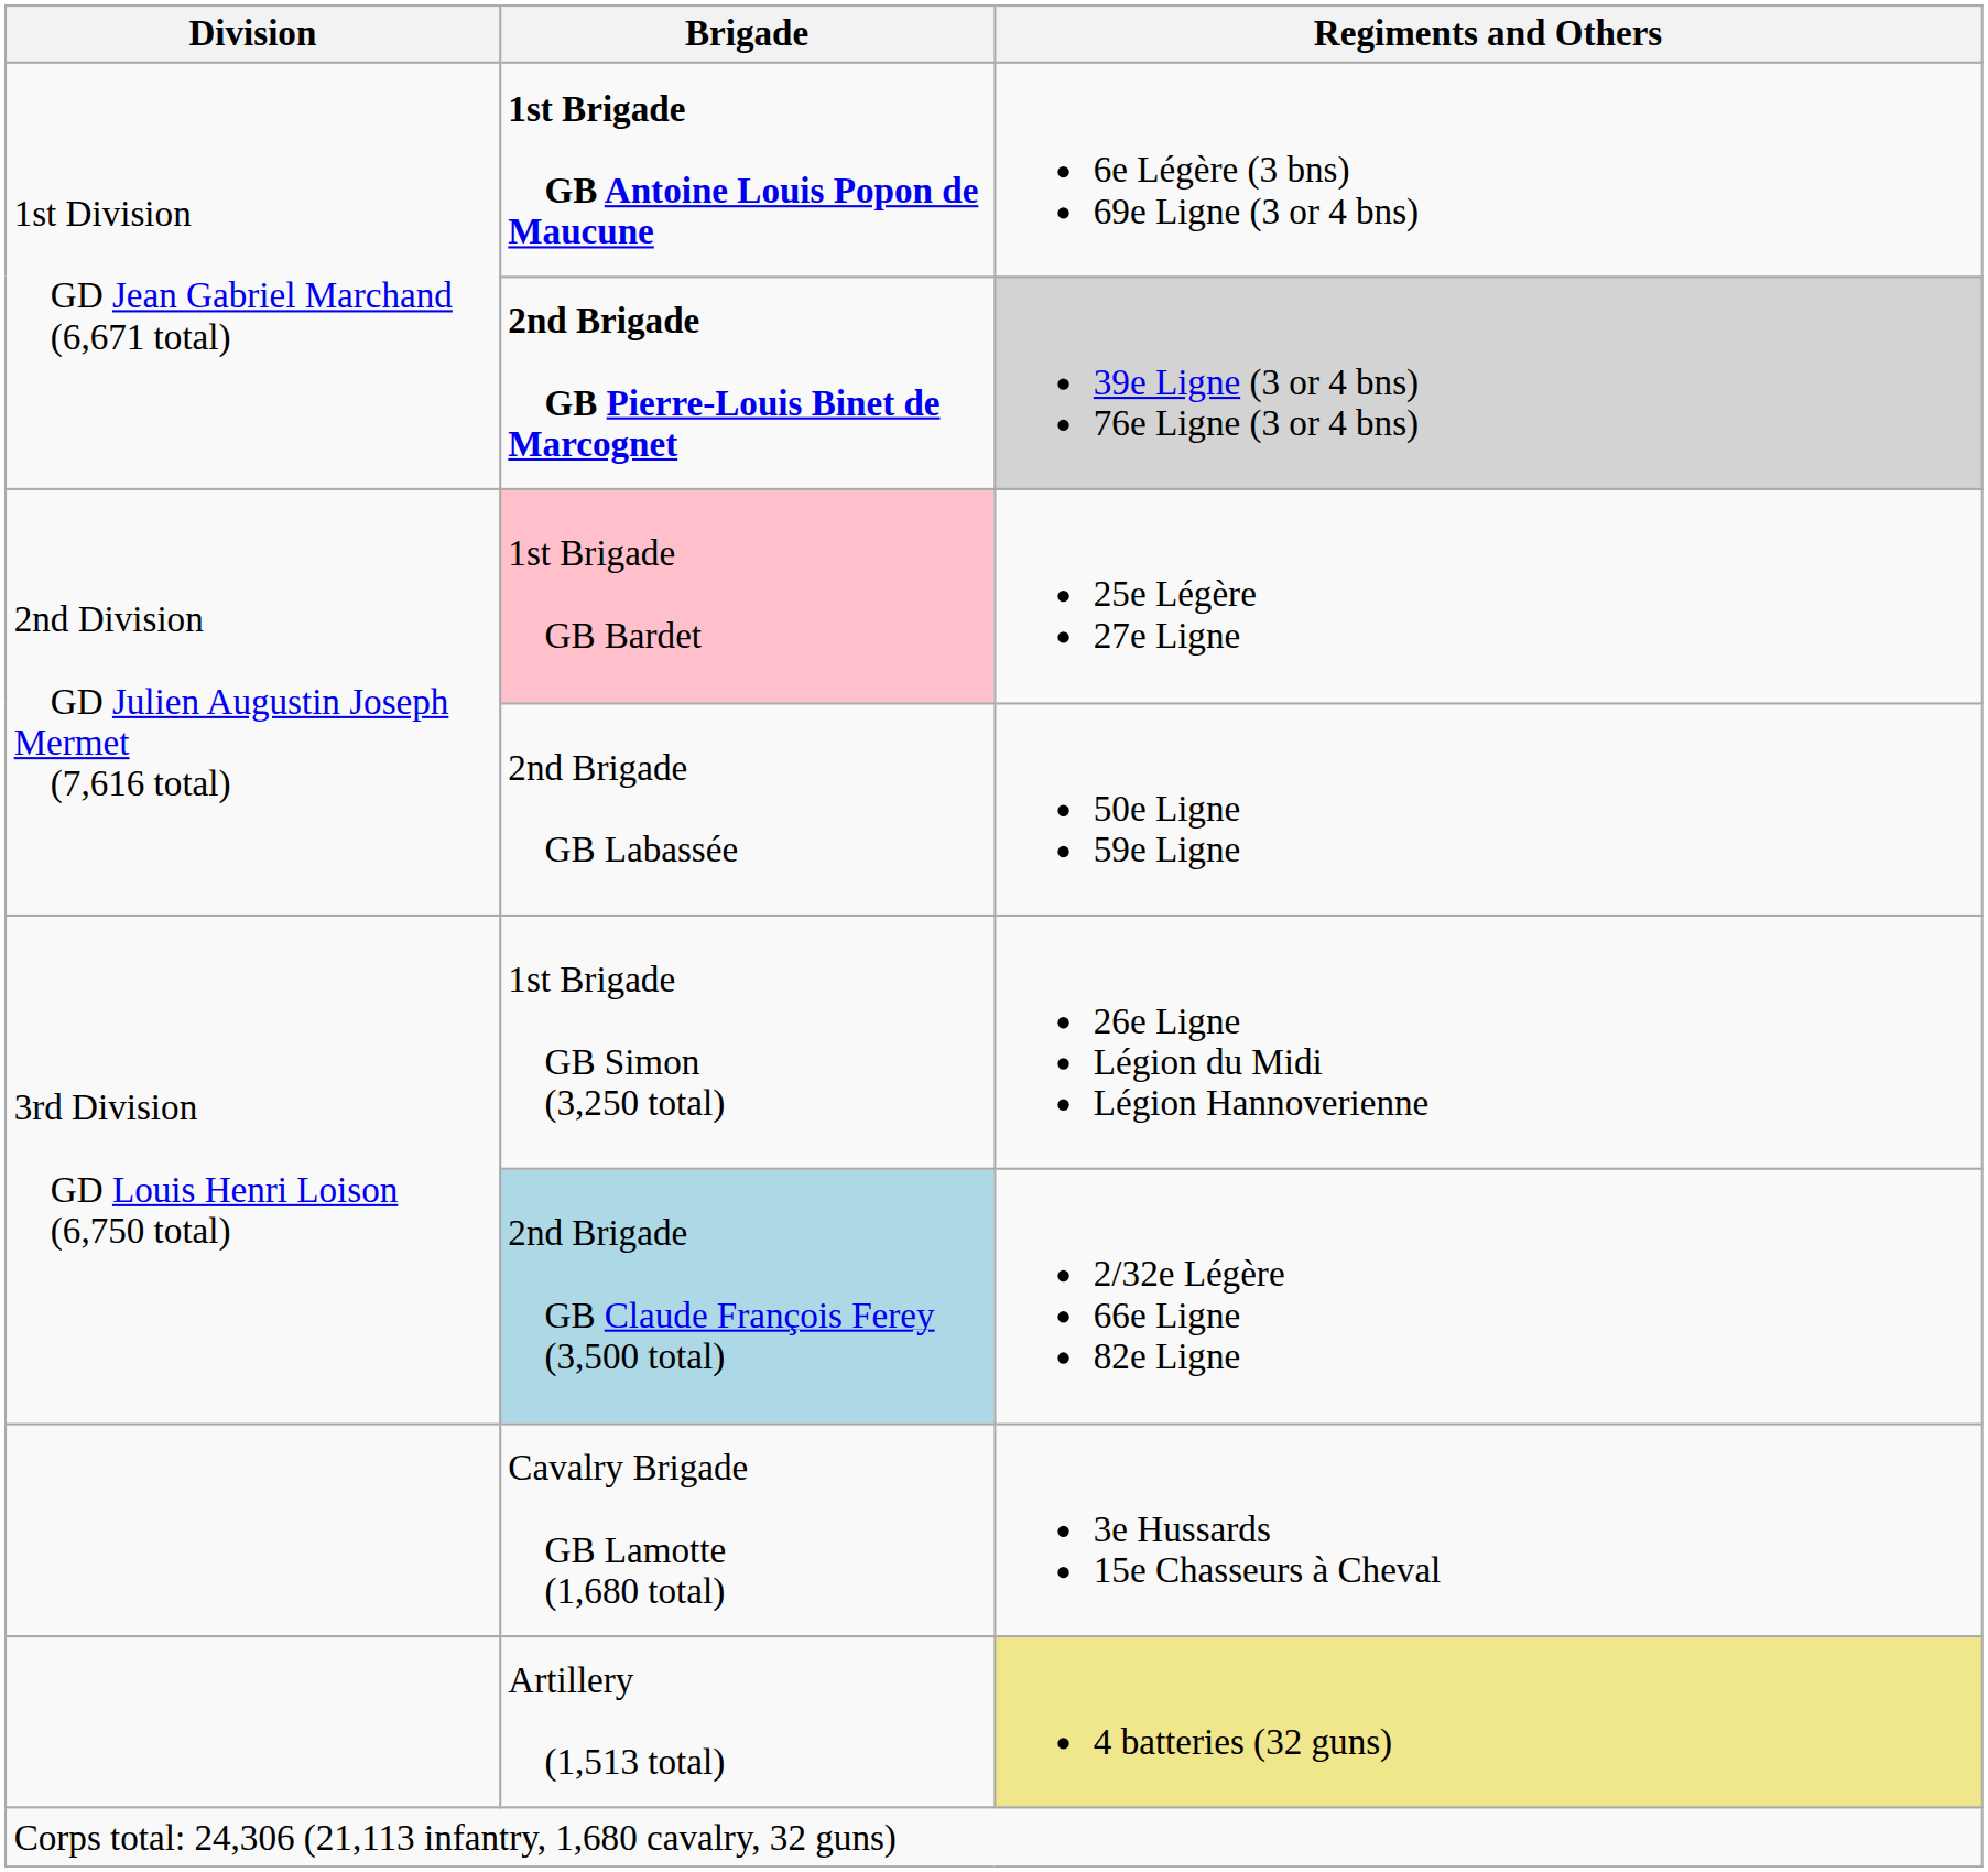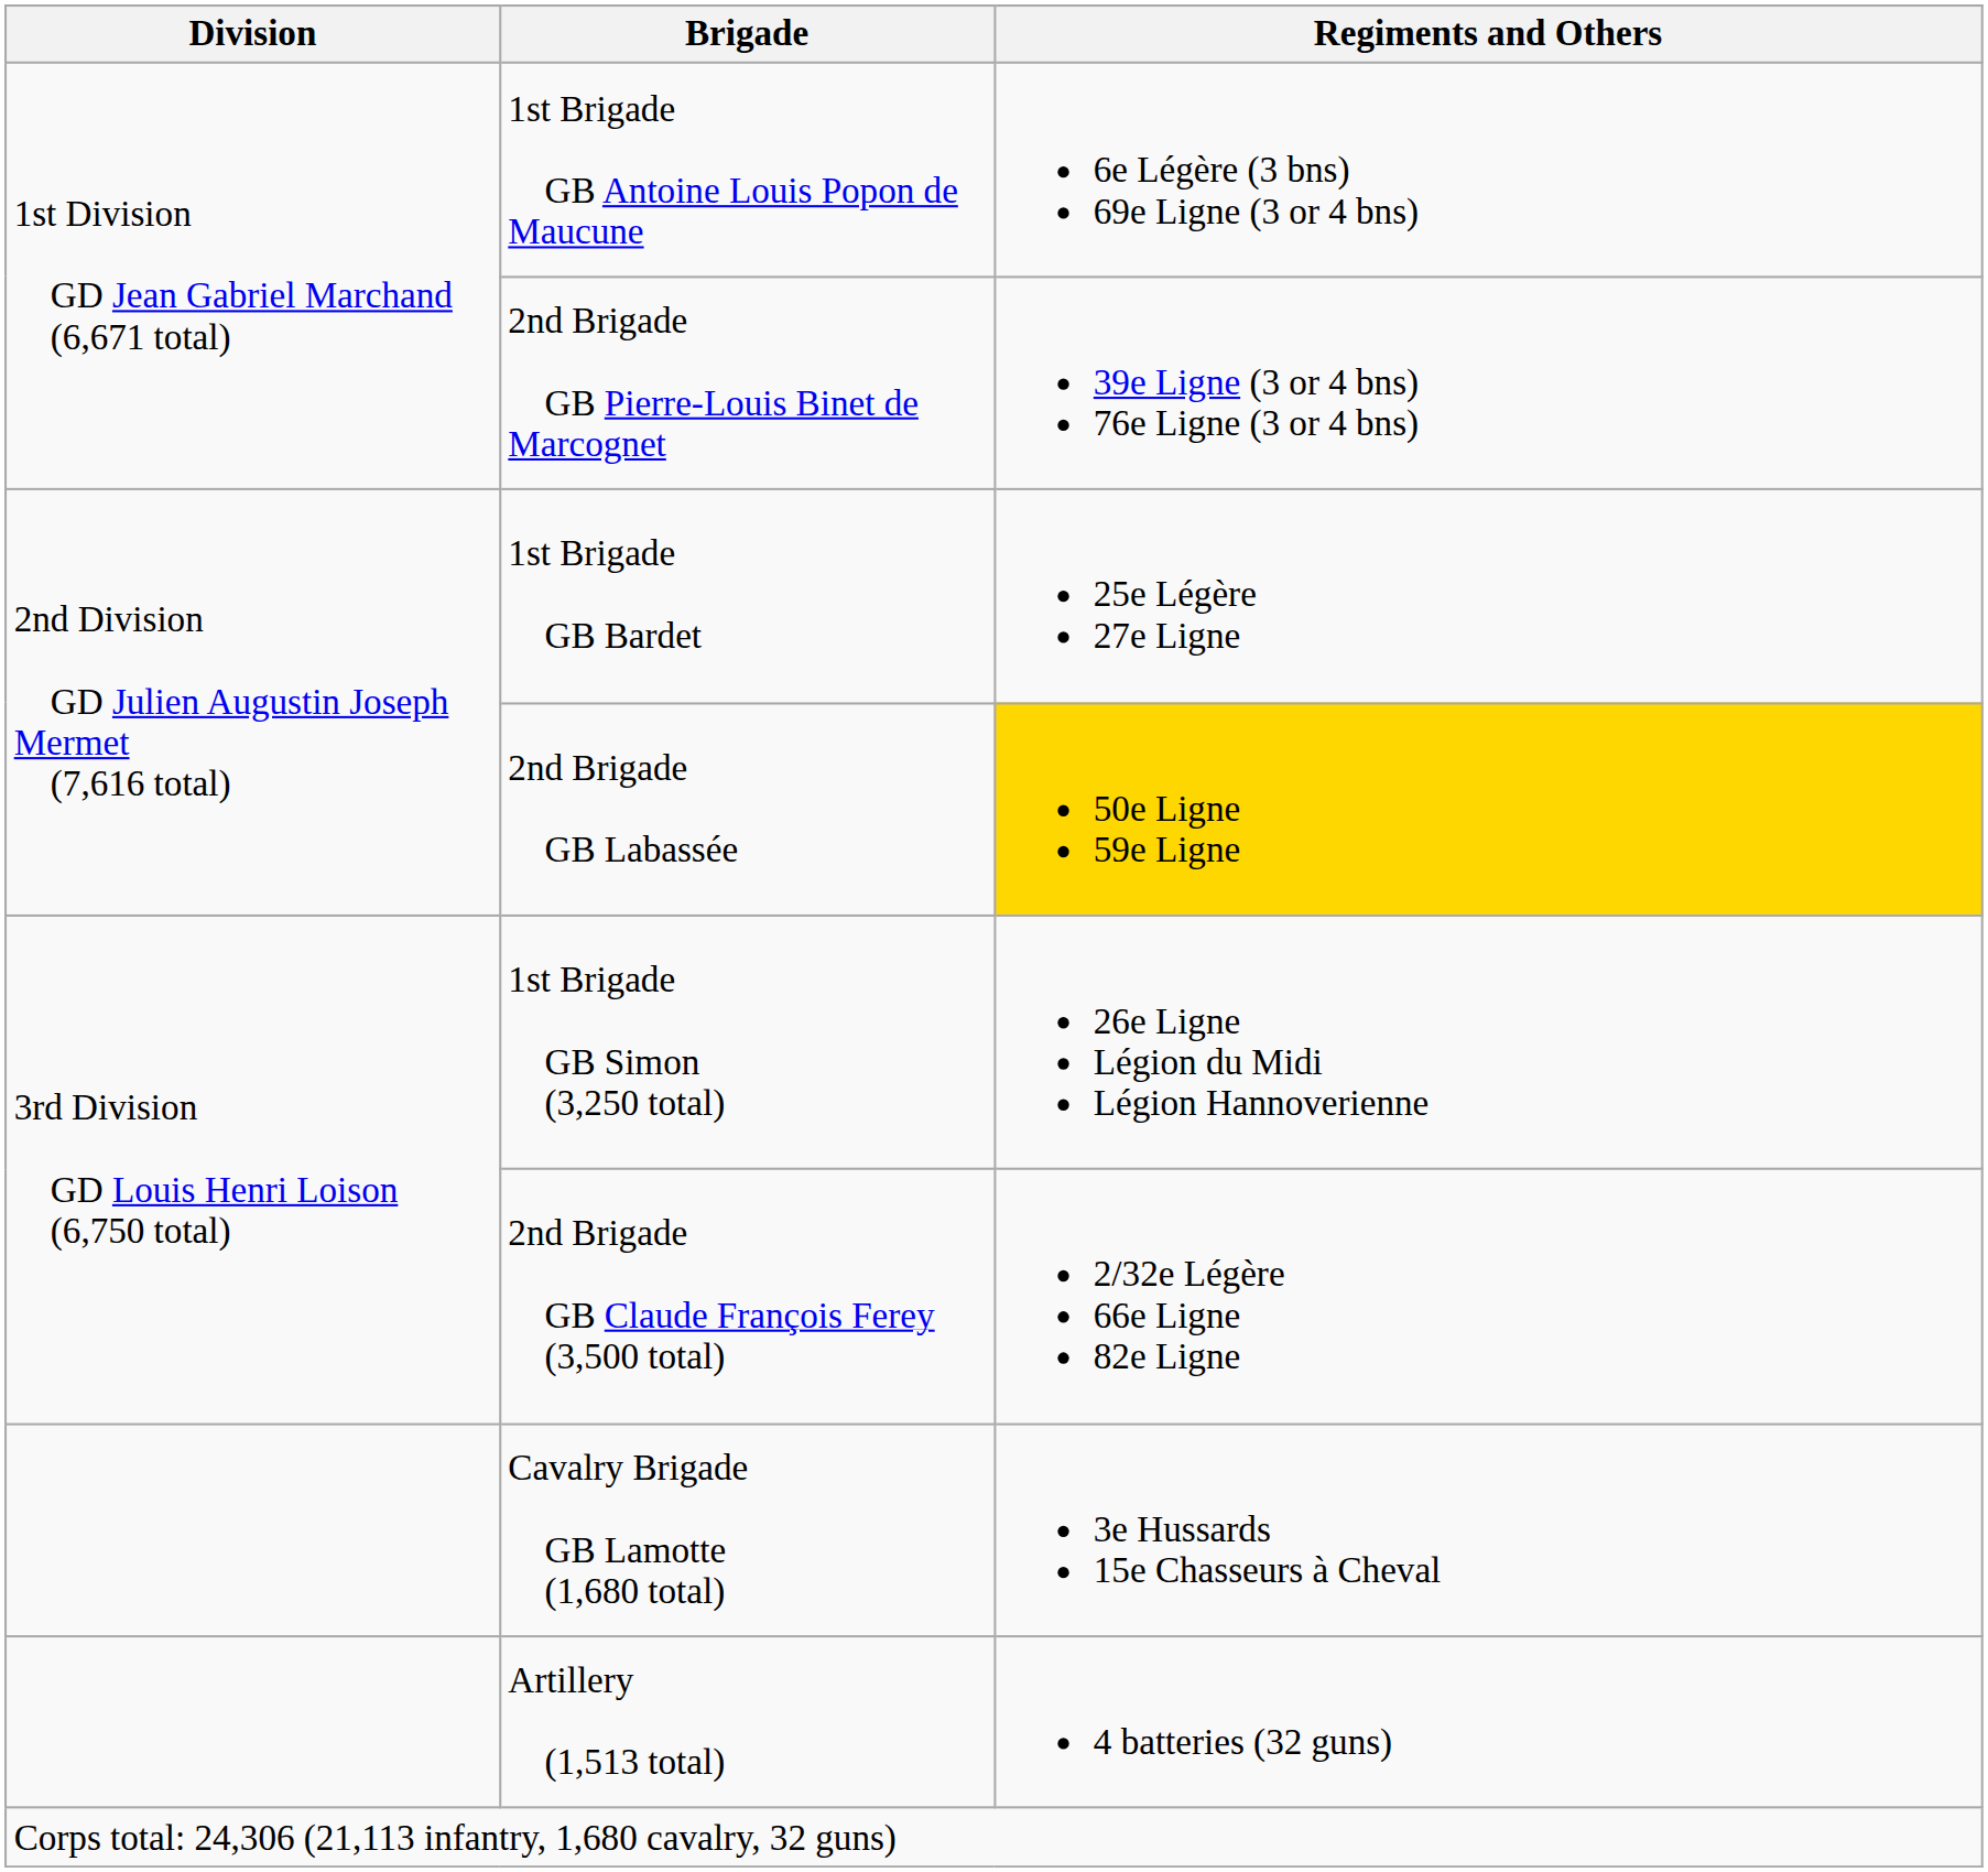 <table class="wikitable">
 <tr>
 <th style="width:25%;">Division</th>
 <th style="width:25%;">Brigade</th>
 <th>Regiments and Others</th>
 </tr>
 <tr>
 <td rowspan=2>1st Division<br><br>    GD <a href='#'>Jean Gabriel Marchand</a> <br>    (6,671 total)</td>
-<td><strong>1st Brigade<br><br>    GB <a href='#'>Antoine Louis Popon de Maucune</a></strong></td>
+<td>1st Brigade<br><br>    GB <a href='#'>Antoine Louis Popon de Maucune</a></td>
 <td><br><ul><li>6e Légère (3 bns)</li><li>69e Ligne (3 or 4 bns)</li></ul></td>
 </tr>
 <tr>
-<td><strong>2nd Brigade<br><br>    GB <a href='#'>Pierre-Louis Binet de Marcognet</a></strong></td>
-<td style="background: lightgrey;"><br><ul><li><a href='#'>39e Ligne</a> (3 or 4 bns)</li><li>76e Ligne (3 or 4 bns)</li></ul></td>
+<td>2nd Brigade<br><br>    GB <a href='#'>Pierre-Louis Binet de Marcognet</a></td>
+<td><br><ul><li><a href='#'>39e Ligne</a> (3 or 4 bns)</li><li>76e Ligne (3 or 4 bns)</li></ul></td>
 </tr>
 <tr>
 <td rowspan=2>2nd Division<br><br>    GD <a href='#'>Julien Augustin Joseph Mermet</a> <br>    (7,616 total)</td>
-<td style="background: pink;">1st Brigade<br><br>    GB Bardet</td>
+<td>1st Brigade<br><br>    GB Bardet</td>
 <td><br><ul><li>25e Légère</li><li>27e Ligne</li></ul></td>
 </tr>
 <tr>
 <td>2nd Brigade<br><br>    GB Labassée</td>
-<td><br><ul><li>50e Ligne</li><li>59e Ligne</li></ul></td>
+<td style="background: gold;"><br><ul><li>50e Ligne</li><li>59e Ligne</li></ul></td>
 </tr>
 <tr>
 <td rowspan=2>3rd Division<br><br>    GD <a href='#'>Louis Henri Loison</a> <br>    (6,750 total)</td>
 <td>1st Brigade<br><br>    GB Simon <br>    (3,250 total)</td>
 <td><br><ul><li>26e Ligne</li><li>Légion du Midi</li><li>Légion Hannoverienne</li></ul></td>
 </tr>
 <tr>
-<td style="background: lightblue;">2nd Brigade<br><br>    GB <a href='#'>Claude François Ferey</a> <br>    (3,500 total)</td>
+<td>2nd Brigade<br><br>    GB <a href='#'>Claude François Ferey</a> <br>    (3,500 total)</td>
 <td><br><ul><li>2/32e Légère</li><li>66e Ligne</li><li>82e Ligne</li></ul></td>
 </tr>
 <tr>
 <td></td>
 <td>Cavalry Brigade<br><br>    GB Lamotte <br>    (1,680 total)</td>
 <td><br><ul><li>3e Hussards</li><li>15e Chasseurs à Cheval</li></ul></td>
 </tr>
 <tr>
 <td></td>
 <td>Artillery<br><br>    (1,513 total)</td>
-<td style="background: khaki;"><br><ul><li>4 batteries (32 guns)</li></ul></td>
+<td><br><ul><li>4 batteries (32 guns)</li></ul></td>
 </tr>
 <tr>
 <td colspan=3>Corps total: 24,306 (21,113 infantry, 1,680 cavalry, 32 guns)</td>
 </tr>
 </table>
